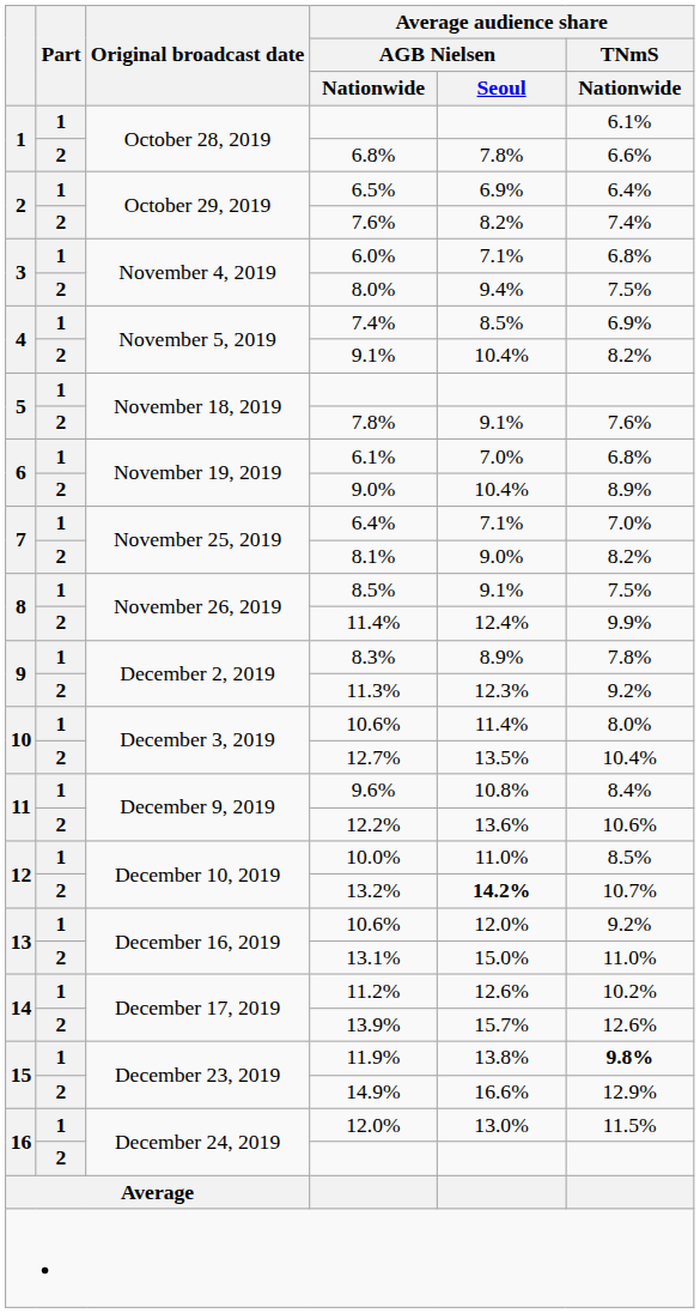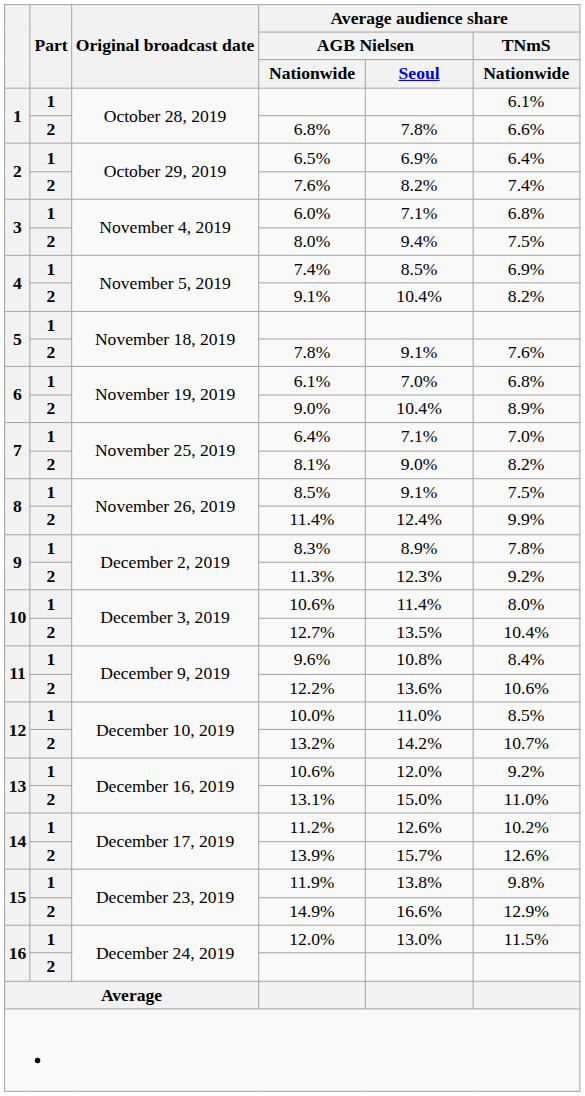 <table class="wikitable" style="text-align:center;max-width:600px; margin-left: auto; margin-right: auto; border: none;">
 <tr>
 </tr>
 <tr>
 <th rowspan="3"></th>
 <th rowspan="3">Part</th>
 <th rowspan="3">Original broadcast date</th>
 <th colspan="3">Average audience share</th>
 </tr>
 <tr>
 <th colspan="2">AGB Nielsen</th>
 <th>TNmS</th>
 </tr>
 <tr>
 <th width="90">Nationwide</th>
 <th width="90"><a href='#'>Seoul</a></th>
 <th width="90">Nationwide</th>
 </tr>
 <tr>
 <th rowspan="2">1</th>
 <th>1</th>
 <td rowspan="2">October 28, 2019</td>
 <td> </td>
 <td> </td>
 <td>6.1% </td>
 </tr>
 <tr>
 <th>2</th>
 <td>6.8% </td>
 <td>7.8% </td>
 <td>6.6% </td>
 </tr>
 <tr>
 <th rowspan="2">2</th>
 <th>1</th>
 <td rowspan="2">October 29, 2019</td>
 <td>6.5% </td>
 <td>6.9% </td>
 <td>6.4% </td>
 </tr>
 <tr>
 <th>2</th>
 <td>7.6% </td>
 <td>8.2% </td>
 <td>7.4% </td>
 </tr>
 <tr>
 <th rowspan="2">3</th>
 <th>1</th>
 <td rowspan="2">November 4, 2019</td>
 <td>6.0% </td>
 <td>7.1% </td>
 <td>6.8% </td>
 </tr>
 <tr>
 <th>2</th>
 <td>8.0% </td>
 <td>9.4% </td>
 <td>7.5% </td>
 </tr>
 <tr>
 <th rowspan="2">4</th>
 <th>1</th>
 <td rowspan="2">November 5, 2019</td>
 <td>7.4% </td>
 <td>8.5% </td>
 <td>6.9% </td>
 </tr>
 <tr>
 <th>2</th>
 <td>9.1% </td>
 <td>10.4% </td>
 <td>8.2% </td>
 </tr>
 <tr>
 <th rowspan="2">5</th>
 <th>1</th>
 <td rowspan="2">November 18, 2019</td>
 <td> </td>
 <td> </td>
 <td> </td>
 </tr>
 <tr>
 <th>2</th>
 <td>7.8% </td>
 <td>9.1% </td>
 <td>7.6% </td>
 </tr>
 <tr>
 <th rowspan="2">6</th>
 <th>1</th>
 <td rowspan="2">November 19, 2019</td>
 <td>6.1% </td>
 <td>7.0% </td>
 <td>6.8% </td>
 </tr>
 <tr>
 <th>2</th>
 <td>9.0% </td>
 <td>10.4% </td>
 <td>8.9% </td>
 </tr>
 <tr>
 <th rowspan="2">7</th>
 <th>1</th>
 <td rowspan="2">November 25, 2019</td>
 <td>6.4% </td>
 <td>7.1% </td>
 <td>7.0% </td>
 </tr>
 <tr>
 <th>2</th>
 <td>8.1% </td>
 <td>9.0% </td>
 <td>8.2% </td>
 </tr>
 <tr>
 <th rowspan="2">8</th>
 <th>1</th>
 <td rowspan="2">November 26, 2019</td>
 <td>8.5% </td>
 <td>9.1% </td>
 <td>7.5% </td>
 </tr>
 <tr>
 <th>2</th>
 <td>11.4% </td>
 <td>12.4% </td>
 <td>9.9% </td>
 </tr>
 <tr>
 <th rowspan="2">9</th>
 <th>1</th>
 <td rowspan="2">December 2, 2019</td>
 <td>8.3% </td>
 <td>8.9% </td>
 <td>7.8% </td>
 </tr>
 <tr>
 <th>2</th>
 <td>11.3% </td>
 <td>12.3% </td>
 <td>9.2% </td>
 </tr>
 <tr>
 <th rowspan="2">10</th>
 <th>1</th>
 <td rowspan="2">December 3, 2019</td>
 <td>10.6% </td>
 <td>11.4% </td>
 <td>8.0% </td>
 </tr>
 <tr>
 <th>2</th>
 <td>12.7% </td>
 <td>13.5% </td>
 <td>10.4% </td>
 </tr>
 <tr>
 <th rowspan="2">11</th>
 <th>1</th>
 <td rowspan="2">December 9, 2019</td>
 <td>9.6% </td>
 <td>10.8% </td>
 <td>8.4% </td>
 </tr>
 <tr>
 <th>2</th>
 <td>12.2% </td>
 <td>13.6% </td>
 <td>10.6% </td>
 </tr>
 <tr>
 <th rowspan="2">12</th>
 <th>1</th>
 <td rowspan="2">December 10, 2019</td>
 <td>10.0% </td>
 <td>11.0% </td>
 <td>8.5% </td>
 </tr>
 <tr>
 <th>2</th>
 <td>13.2% </td>
-<td><strong>14.2% </strong></td>
+<td>14.2% </td>
 <td>10.7% </td>
 </tr>
 <tr>
 <th rowspan="2">13</th>
 <th>1</th>
 <td rowspan="2">December 16, 2019</td>
 <td>10.6% </td>
 <td>12.0% </td>
 <td>9.2% </td>
 </tr>
 <tr>
 <th>2</th>
 <td>13.1% </td>
 <td>15.0% </td>
 <td>11.0% </td>
 </tr>
 <tr>
 <th rowspan="2">14</th>
 <th>1</th>
 <td rowspan="2">December 17, 2019</td>
 <td>11.2% </td>
 <td>12.6% </td>
 <td>10.2% </td>
 </tr>
 <tr>
 <th>2</th>
 <td>13.9% </td>
 <td>15.7% </td>
 <td>12.6% </td>
 </tr>
 <tr>
 <th rowspan="2">15</th>
 <th>1</th>
 <td rowspan="2">December 23, 2019</td>
 <td>11.9% </td>
 <td>13.8% </td>
-<td><strong>9.8% </strong></td>
+<td>9.8% </td>
 </tr>
 <tr>
 <th>2</th>
 <td>14.9% </td>
 <td>16.6% </td>
 <td>12.9% </td>
 </tr>
 <tr>
 <th rowspan="2">16</th>
 <th>1</th>
 <td rowspan="2">December 24, 2019</td>
 <td>12.0% </td>
 <td>13.0% </td>
 <td>11.5% </td>
 </tr>
 <tr>
 <th>2</th>
 <td> </td>
 <td> </td>
 <td> </td>
 </tr>
 <tr>
 <th colspan="3">Average</th>
 <th></th>
 <th></th>
 <th></th>
 </tr>
 <tr>
 <td colspan="6"><br><ul><li></li></ul></td>
 </tr>
 </table>
